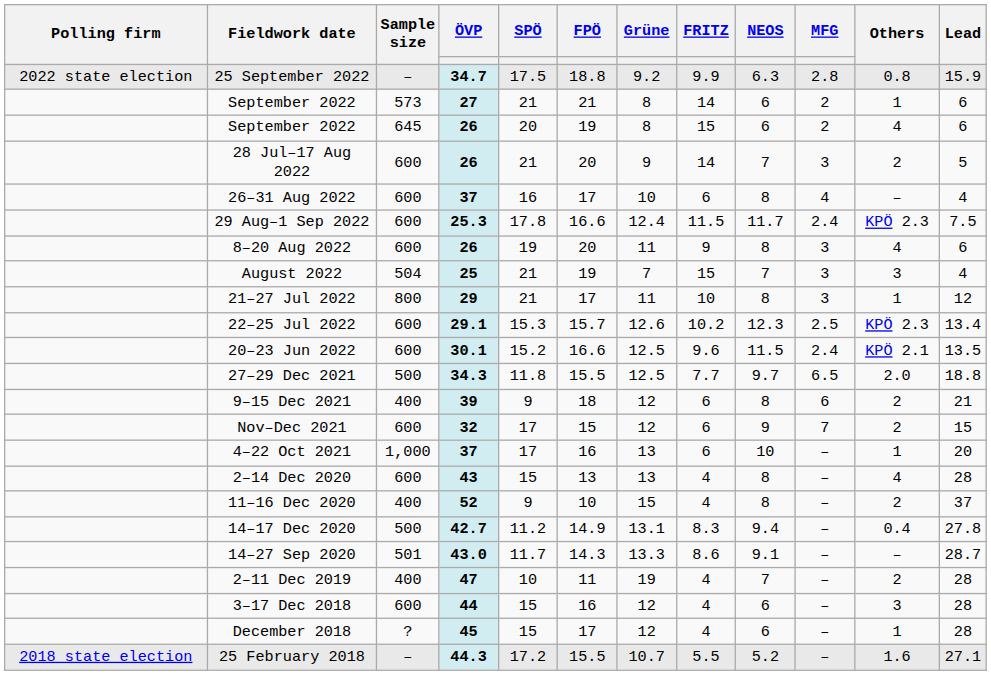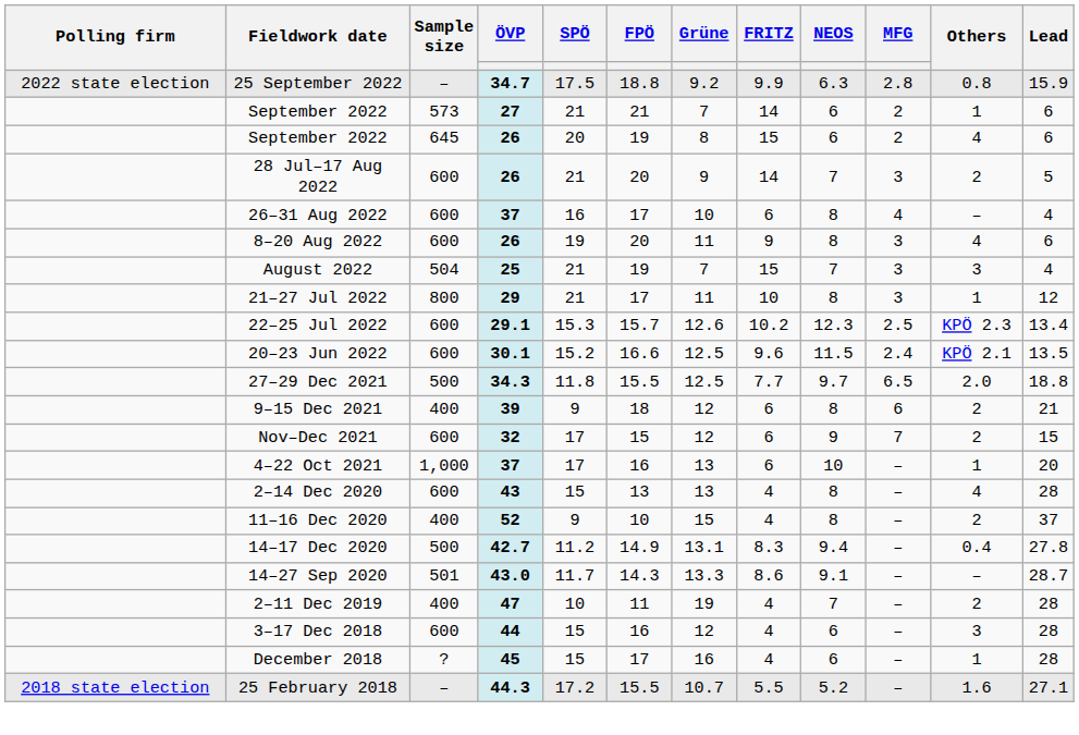 <table class="wikitable sortable" style="text-align:center;font-size:90%;line-height:14px;">
 <tr style="height:40px;">
 <th style="width:150px;" rowspan="2">Polling firm</th>
 <th style="width:125px;" rowspan="2">Fieldwork date</th>
 <th style="width:35px;" rowspan="2">Sample<br>size</th>
 <th class="unsortable" style="width:40px;"><a href='#'>ÖVP</a></th>
 <th class="unsortable" style="width:40px;"><a href='#'>SPÖ</a></th>
 <th class="unsortable" style="width:40px;"><a href='#'>FPÖ</a></th>
 <th class="unsortable" style="width:40px;"><a href='#'>Grüne</a></th>
 <th class="unsortable" style="width:40px;"><a href='#'>FRITZ</a></th>
 <th class="unsortable" style="width:40px;"><a href='#'>NEOS</a></th>
 <th class="unsortable" style="width:40px;"><a href='#'>MFG</a></th>
 <th class="unsortable" style="width:60px;" rowspan="2">Others</th>
 <th style="width:30px;" rowspan="2">Lead</th>
 </tr>
 <tr>
 <th style="background:"></th>
 <th style="background:"></th>
 <th style="background:"></th>
 <th style="background:"></th>
 <th style="background:"></th>
 <th style="background:"></th>
 <th style="background:"></th>
 </tr>
 <tr style="background:#E9E9E9;">
 <td>2022 state election</td>
 <td data-sort-value="2022-09-25">25 September 2022</td>
 <td>–</td>
 <td style="background:#D2EDF1;"><strong>34.7</strong></td>
 <td>17.5</td>
 <td>18.8</td>
 <td>9.2</td>
 <td>9.9</td>
 <td>6.3</td>
 <td>2.8</td>
 <td>0.8</td>
 <td style="background:">15.9</td>
 </tr>
 <tr>
 <td></td>
 <td data-sort-value="2022-09-22">September 2022</td>
 <td>573</td>
 <td style="background:#D2EDF1;"><strong>27</strong></td>
 <td>21</td>
 <td>21</td>
-<td>8</td>
+<td>7</td>
 <td>14</td>
 <td>6</td>
 <td>2</td>
 <td>1</td>
 <td style="background:">6</td>
 </tr>
 <tr>
 <td></td>
 <td data-sort-value="2022-09-15">September 2022</td>
 <td>645</td>
 <td style="background:#D2EDF1;"><strong>26</strong></td>
 <td>20</td>
 <td>19</td>
 <td>8</td>
 <td>15</td>
 <td>6</td>
 <td>2</td>
 <td>4</td>
 <td style="background:">6</td>
 </tr>
 <tr>
 <td></td>
 <td data-sort-value="2022-09-12">28 Jul–17 Aug 2022</td>
 <td>600</td>
 <td style="background:#D2EDF1;"><strong>26</strong></td>
 <td>21</td>
 <td>20</td>
 <td>9</td>
 <td>14</td>
 <td>7</td>
 <td>3</td>
 <td>2</td>
 <td style="background:">5</td>
 </tr>
 <tr>
 <td></td>
 <td data-sort-value="2022-09-06">26–31 Aug 2022</td>
 <td>600</td>
 <td style="background:#D2EDF1;"><strong>37</strong></td>
 <td>16</td>
 <td>17</td>
 <td>10</td>
 <td>6</td>
 <td>8</td>
 <td>4</td>
 <td>–</td>
 <td style="background:">4</td>
-</tr>
-<tr>
-<td></td>
-<td data-sort-value="2022-09-04">29 Aug–1 Sep 2022</td>
-<td>600</td>
-<td style="background:#D2EDF1;"><strong>25.3</strong></td>
-<td>17.8</td>
-<td>16.6</td>
-<td>12.4</td>
-<td>11.5</td>
-<td>11.7</td>
-<td>2.4</td>
-<td><a href='#'>KPÖ</a> 2.3</td>
-<td style="background:">7.5</td>
 </tr>
 <tr>
 <td></td>
 <td data-sort-value="2022-08-31">8–20 Aug 2022</td>
 <td>600</td>
 <td style="background:#D2EDF1;"><strong>26</strong></td>
 <td>19</td>
 <td>20</td>
 <td>11</td>
 <td>9</td>
 <td>8</td>
 <td>3</td>
 <td>4</td>
 <td style="background:">6</td>
 </tr>
 <tr>
 <td></td>
 <td data-sort-value="2022-08-26">August 2022</td>
 <td>504</td>
 <td style="background:#D2EDF1;"><strong>25</strong></td>
 <td>21</td>
 <td>19</td>
 <td>7</td>
 <td>15</td>
 <td>7</td>
 <td>3</td>
 <td>3</td>
 <td style="background:">4</td>
 </tr>
 <tr>
 <td></td>
 <td data-sort-value="2022-08-01">21–27 Jul 2022</td>
 <td>800</td>
 <td style="background:#D2EDF1;"><strong>29</strong></td>
 <td>21</td>
 <td>17</td>
 <td>11</td>
 <td>10</td>
 <td>8</td>
 <td>3</td>
 <td>1</td>
 <td style="background:">12</td>
 </tr>
 <tr>
 <td></td>
 <td data-sort-value="2022-07-31">22–25 Jul 2022</td>
 <td>600</td>
 <td style="background:#D2EDF1;"><strong>29.1</strong></td>
 <td>15.3</td>
 <td>15.7</td>
 <td>12.6</td>
 <td>10.2</td>
 <td>12.3</td>
 <td>2.5</td>
 <td><a href='#'>KPÖ</a> 2.3</td>
 <td style="background:">13.4</td>
 </tr>
 <tr>
 <td></td>
 <td data-sort-value="2022-06-26">20–23 Jun 2022</td>
 <td>600</td>
 <td style="background:#D2EDF1;"><strong>30.1</strong></td>
 <td>15.2</td>
 <td>16.6</td>
 <td>12.5</td>
 <td>9.6</td>
 <td>11.5</td>
 <td>2.4</td>
 <td><a href='#'>KPÖ</a> 2.1</td>
 <td style="background:">13.5</td>
 </tr>
 <tr>
 <td></td>
 <td data-sort-value="2022-01-01">27–29 Dec 2021</td>
 <td>500</td>
 <td style="background:#D2EDF1;"><strong>34.3</strong></td>
 <td>11.8</td>
 <td>15.5</td>
 <td>12.5</td>
 <td>7.7</td>
 <td>9.7</td>
 <td>6.5</td>
 <td>2.0</td>
 <td style="background:">18.8</td>
 </tr>
 <tr>
 <td></td>
 <td data-sort-value="2021-12-28">9–15 Dec 2021</td>
 <td>400</td>
 <td style="background:#D2EDF1;"><strong>39</strong></td>
 <td>9</td>
 <td>18</td>
 <td>12</td>
 <td>6</td>
 <td>8</td>
 <td>6</td>
 <td>2</td>
 <td style="background:">21</td>
 </tr>
 <tr>
 <td></td>
 <td data-sort-value="2021-12-27">Nov–Dec 2021</td>
 <td>600</td>
 <td style="background:#D2EDF1;"><strong>32</strong></td>
 <td>17</td>
 <td>15</td>
 <td>12</td>
 <td>6</td>
 <td>9</td>
 <td>7</td>
 <td>2</td>
 <td style="background:">15</td>
 </tr>
 <tr>
 <td></td>
 <td data-sort-value="2021-11-15">4–22 Oct 2021</td>
 <td>1,000</td>
 <td style="background:#D2EDF1;"><strong>37</strong></td>
 <td>17</td>
 <td>16</td>
 <td>13</td>
 <td>6</td>
 <td>10</td>
 <td>–</td>
 <td>1</td>
 <td style="background:">20</td>
 </tr>
 <tr>
 <td></td>
 <td data-sort-value="2020-12-29">2–14 Dec 2020</td>
 <td>600</td>
 <td style="background:#D2EDF1;"><strong>43</strong></td>
 <td>15</td>
 <td>13</td>
 <td>13</td>
 <td>4</td>
 <td>8</td>
 <td>–</td>
 <td>4</td>
 <td style="background:">28</td>
 </tr>
 <tr>
 <td></td>
 <td data-sort-value="2020-12-28">11–16 Dec 2020</td>
 <td>400</td>
 <td style="background:#D2EDF1;"><strong>52</strong></td>
 <td>9</td>
 <td>10</td>
 <td>15</td>
 <td>4</td>
 <td>8</td>
 <td>–</td>
 <td>2</td>
 <td style="background:">37</td>
 </tr>
 <tr>
 <td></td>
 <td data-sort-value="2020-12-22">14–17 Dec 2020</td>
 <td>500</td>
 <td style="background:#D2EDF1;"><strong>42.7</strong></td>
 <td>11.2</td>
 <td>14.9</td>
 <td>13.1</td>
 <td>8.3</td>
 <td>9.4</td>
 <td>–</td>
 <td>0.4</td>
 <td style="background:">27.8</td>
 </tr>
 <tr>
 <td></td>
 <td data-sort-value="2020-10-03">14–27 Sep 2020</td>
 <td>501</td>
 <td style="background:#D2EDF1;"><strong>43.0</strong></td>
 <td>11.7</td>
 <td>14.3</td>
 <td>13.3</td>
 <td>8.6</td>
 <td>9.1</td>
 <td>–</td>
 <td>–</td>
 <td style="background:">28.7</td>
 </tr>
 <tr>
 <td></td>
 <td data-sort-value="2019-12-24">2–11 Dec 2019</td>
 <td>400</td>
 <td style="background:#D2EDF1;"><strong>47</strong></td>
 <td>10</td>
 <td>11</td>
 <td>19</td>
 <td>4</td>
 <td>7</td>
 <td>–</td>
 <td>2</td>
 <td style="background:">28</td>
 </tr>
 <tr>
 <td></td>
 <td data-sort-value="2018-12-28">3–17 Dec 2018</td>
 <td>600</td>
 <td style="background:#D2EDF1;"><strong>44</strong></td>
 <td>15</td>
 <td>16</td>
 <td>12</td>
 <td>4</td>
 <td>6</td>
 <td>–</td>
 <td>3</td>
 <td style="background:">28</td>
 </tr>
 <tr>
 <td></td>
 <td data-sort-value="2018-12-26">December 2018</td>
 <td>?</td>
 <td style="background:#D2EDF1;"><strong>45</strong></td>
 <td>15</td>
 <td>17</td>
-<td>12</td>
+<td>16</td>
 <td>4</td>
 <td>6</td>
 <td>–</td>
 <td>1</td>
 <td style="background:">28</td>
 </tr>
 <tr style="background:#E9E9E9;">
 <td><a href='#'>2018 state election</a></td>
 <td data-sort-value="2018-02-25">25 February 2018</td>
 <td>–</td>
 <td style="background:#D2EDF1;"><strong>44.3</strong></td>
 <td>17.2</td>
 <td>15.5</td>
 <td>10.7</td>
 <td>5.5</td>
 <td>5.2</td>
 <td>–</td>
 <td>1.6</td>
 <td style="background:">27.1</td>
 </tr>
 </table>
